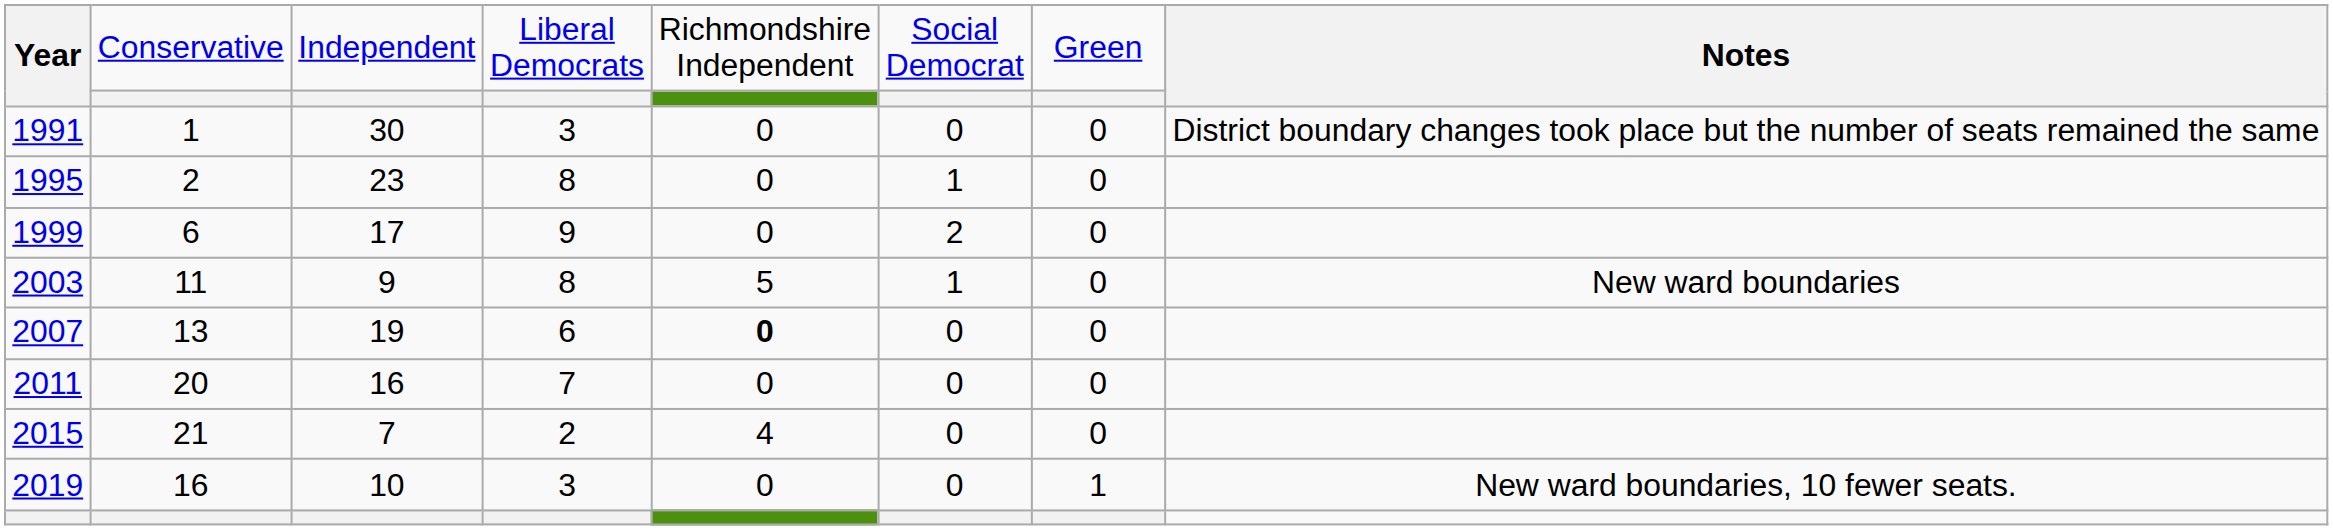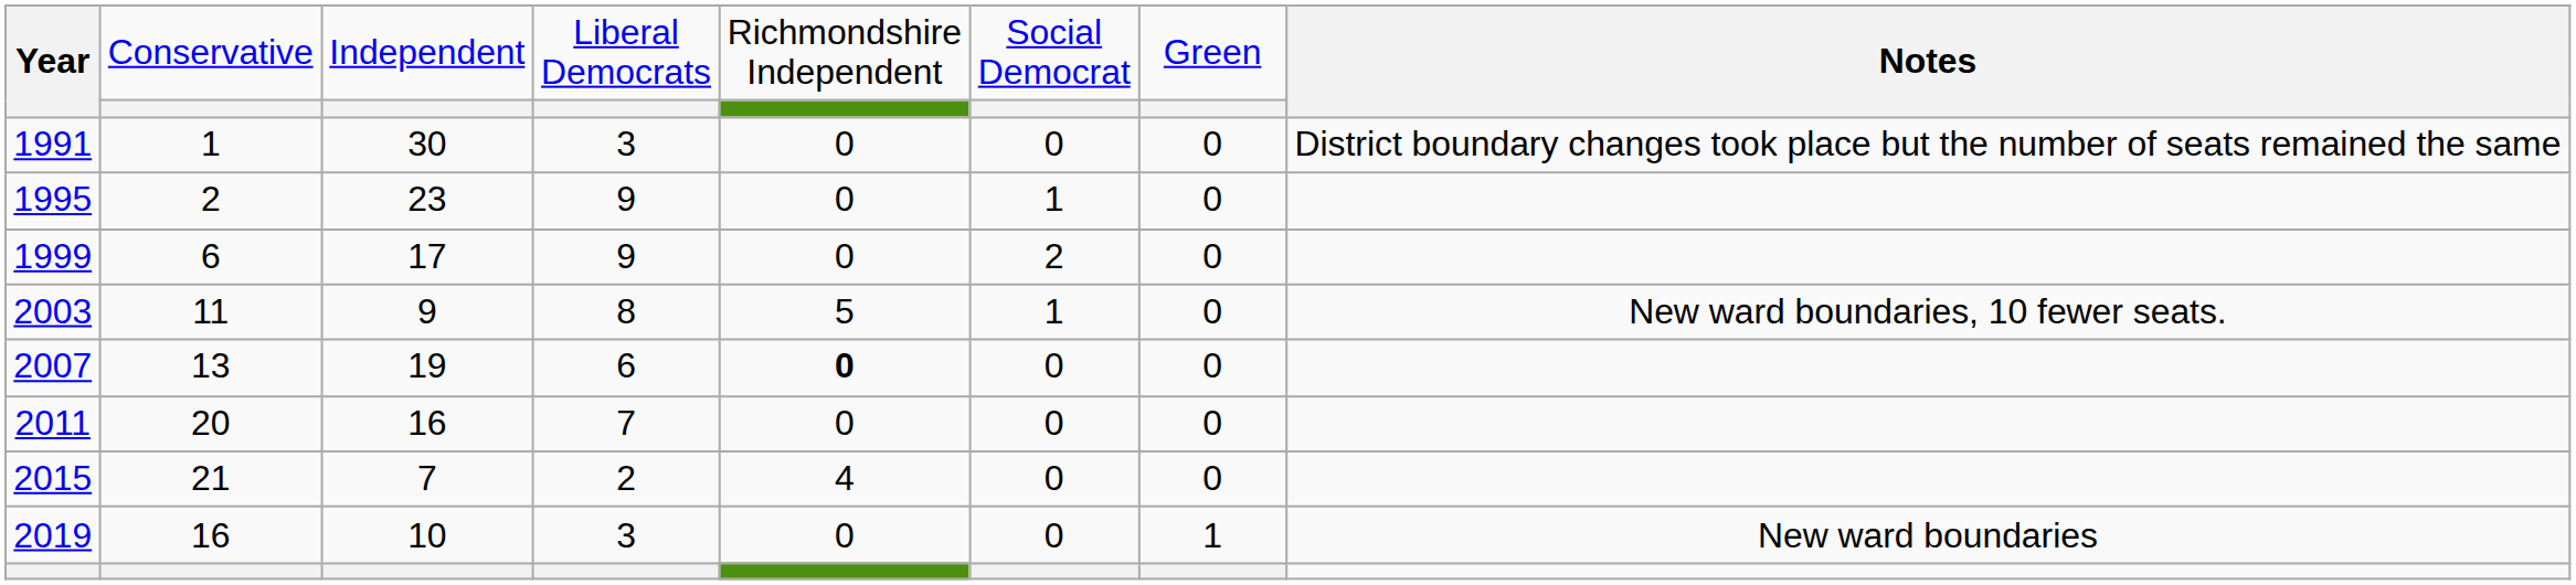 <table class=wikitable style=text-align:center>
 <tr>
 <th rowspan=2>Year</th>
 <td width="60"><a href='#'>Conservative</a></td>
 <td width="60"><a href='#'>Independent</a></td>
 <td width="60"><a href='#'>Liberal Democrats</a></td>
 <td width="60">Richmondshire Independent</td>
 <td width="60"><a href='#'>Social Democrat</a></td>
 <td width="60"><a href='#'>Green</a></td>
 <th rowspan="2">Notes</th>
 </tr>
 <tr>
 <th style="background-color: "></th>
 <th style="background-color: "></th>
 <th style="background-color: "></th>
 <th style="background-color: #4b900e"></th>
 <th style="background-color: "></th>
 <th style="background-color: "></th>
 </tr>
 <tr>
 <td><a href='#'>1991</a></td>
 <td>1</td>
 <td>30</td>
 <td>3</td>
 <td>0</td>
 <td>0</td>
 <td>0</td>
 <td>District boundary changes took place but the number of seats remained the same</td>
 </tr>
 <tr>
 <td><a href='#'>1995</a></td>
 <td>2</td>
 <td>23</td>
-<td>8</td>
+<td>9</td>
 <td>0</td>
 <td>1</td>
 <td>0</td>
 <td></td>
 </tr>
 <tr>
 <td><a href='#'>1999</a></td>
 <td>6</td>
 <td>17</td>
 <td>9</td>
 <td>0</td>
 <td>2</td>
 <td>0</td>
 <td></td>
 </tr>
 <tr>
 <td><a href='#'>2003</a></td>
 <td>11</td>
 <td>9</td>
 <td>8</td>
 <td>5</td>
 <td>1</td>
 <td>0</td>
-<td>New ward boundaries</td>
+<td>New ward boundaries, 10 fewer seats.</td>
 </tr>
 <tr>
 <td><a href='#'>2007</a></td>
 <td>13</td>
 <td>19</td>
 <td>6</td>
 <td><strong>0</strong></td>
 <td>0</td>
 <td>0</td>
 <td></td>
 </tr>
 <tr>
 <td><a href='#'>2011</a></td>
 <td>20</td>
 <td>16</td>
 <td>7</td>
 <td>0</td>
 <td>0</td>
 <td>0</td>
 <td></td>
 </tr>
 <tr>
 <td><a href='#'>2015</a></td>
 <td>21</td>
 <td>7</td>
 <td>2</td>
 <td>4</td>
 <td>0</td>
 <td>0</td>
 <td></td>
 </tr>
 <tr>
 <td><a href='#'>2019</a></td>
 <td>16</td>
 <td>10</td>
 <td>3</td>
 <td>0</td>
 <td>0</td>
 <td>1</td>
-<td>New ward boundaries, 10 fewer seats.</td>
+<td>New ward boundaries</td>
 </tr>
 <tr>
 <th></th>
 <th style="background-color: "></th>
 <th style="background-color: "></th>
 <th style="background-color: "></th>
 <th style="background-color: #4b900e"></th>
 <th style="background-color: "></th>
 <th style="background-color: "></th>
 <td></td>
 </tr>
 </table>
